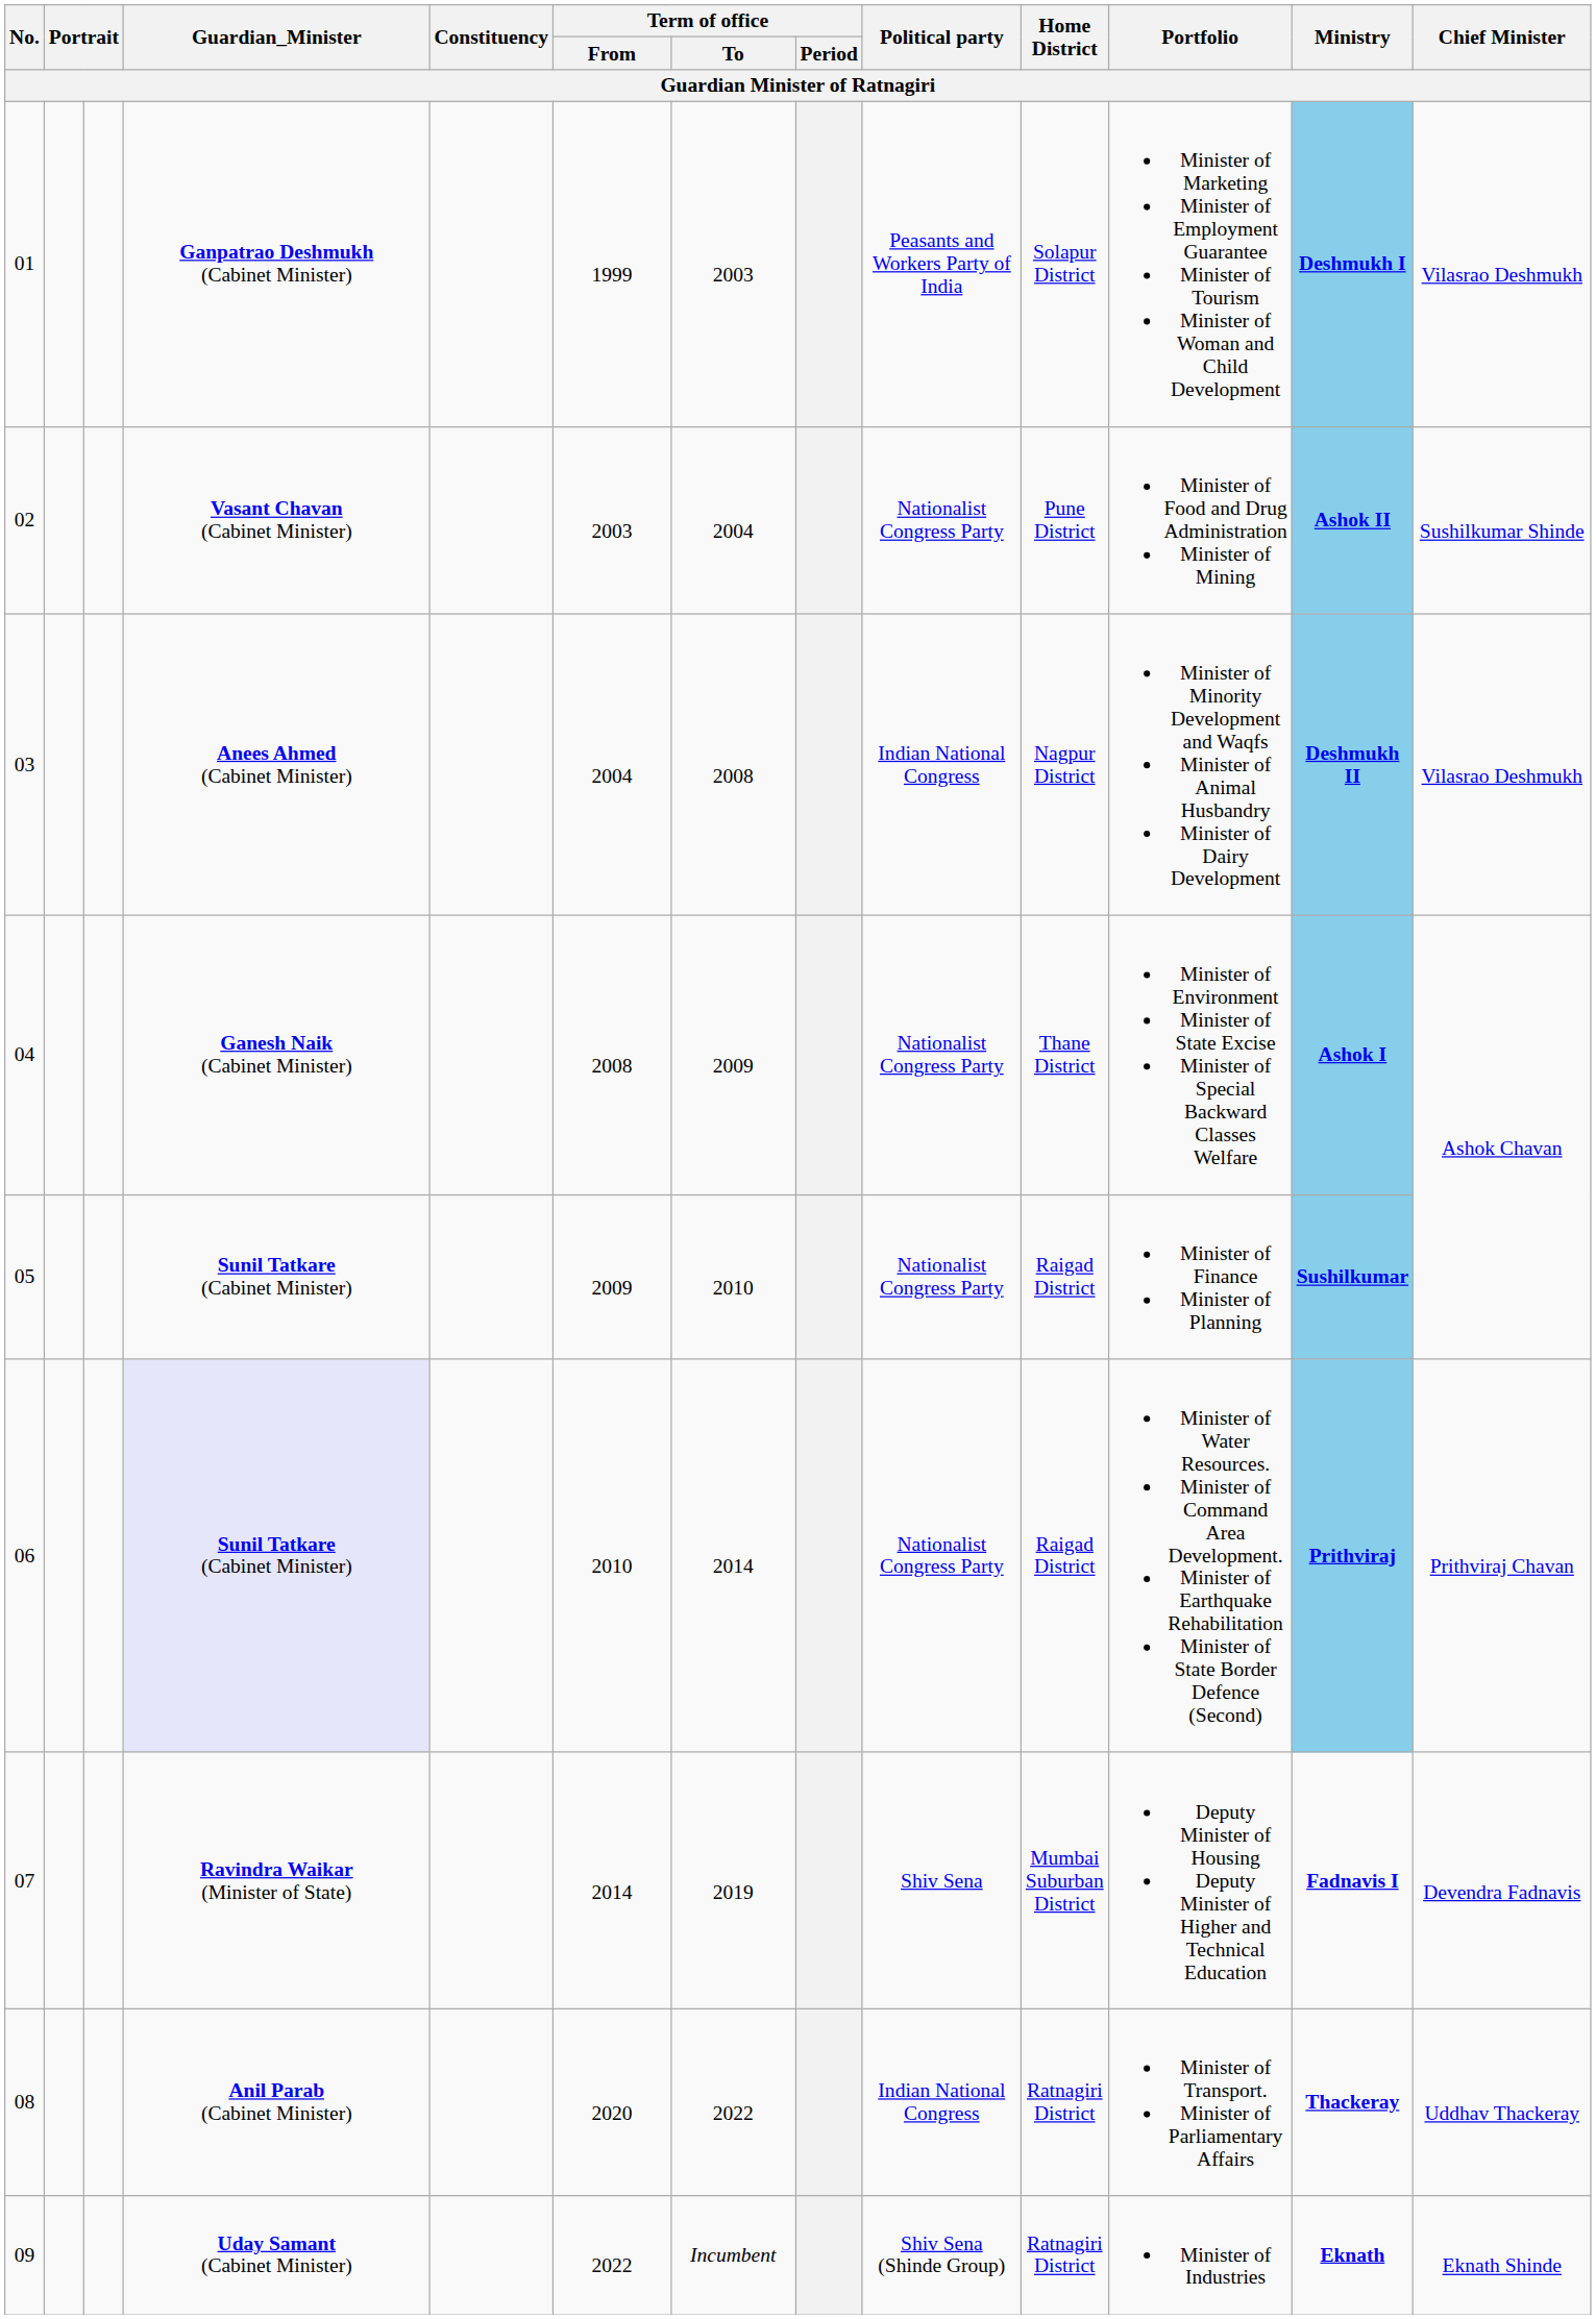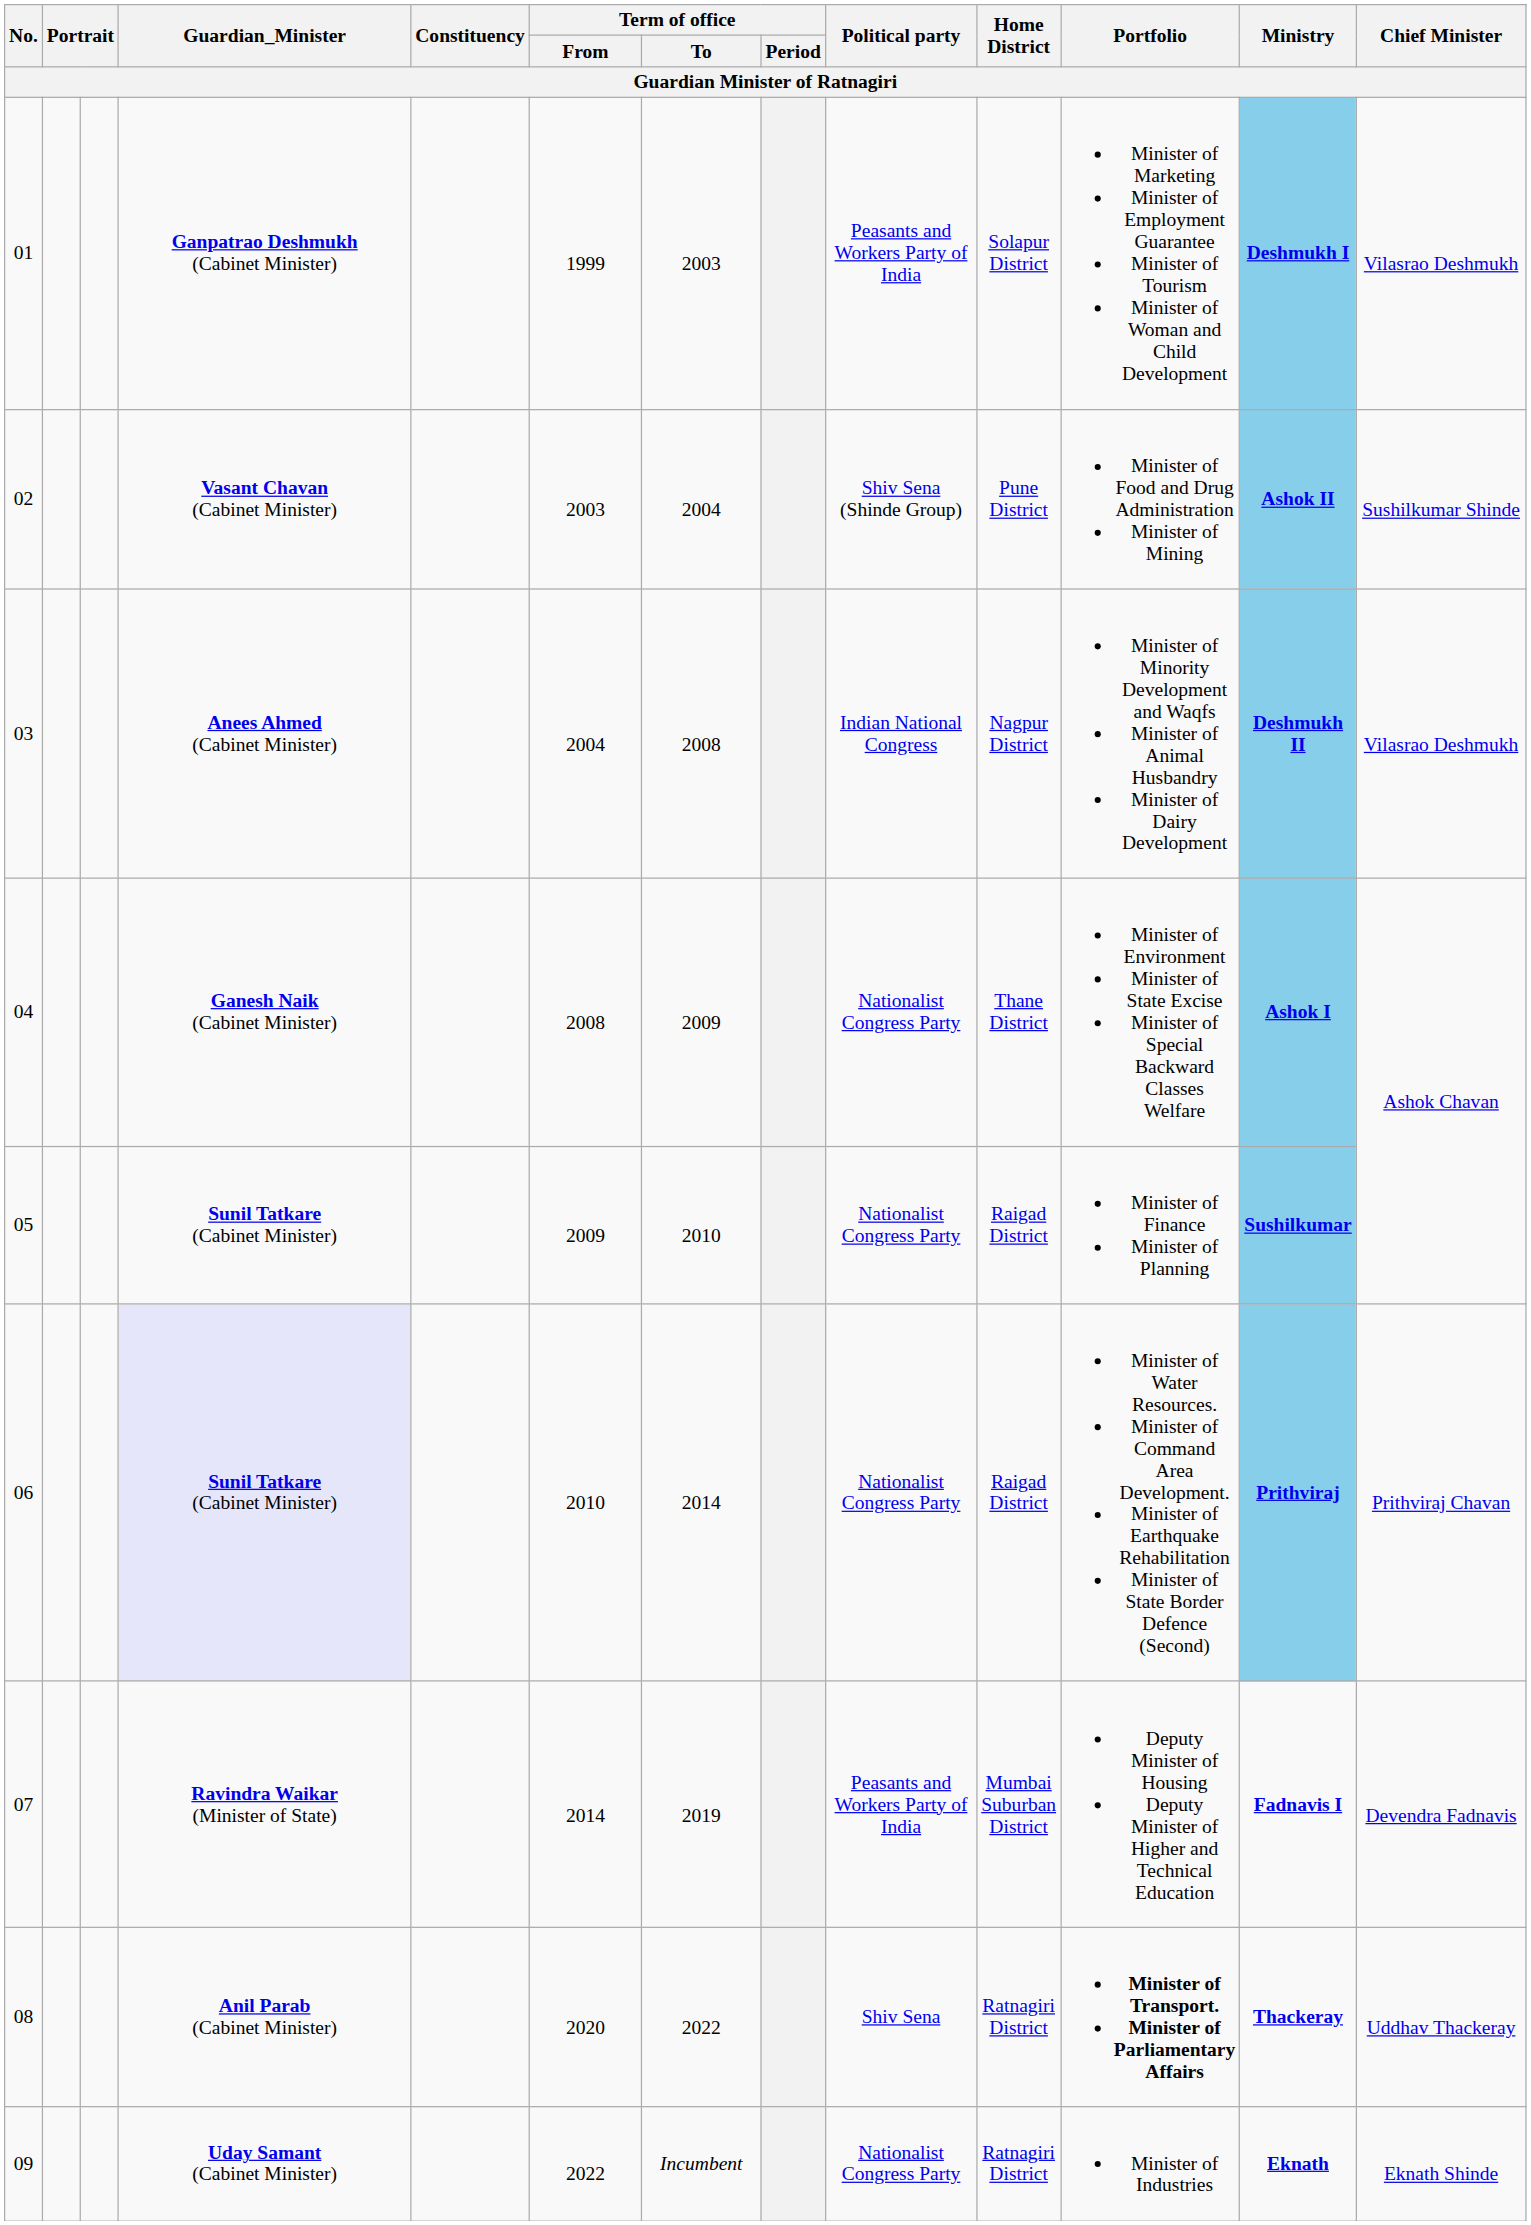 <table class="wikitable" style="text-align:center">
 <tr>
 <th rowspan="2">No.</th>
 <th rowspan="2" colspan="2">Portrait</th>
 <th rowspan="2" style="width:16em">Guardian_Minister</th>
 <th rowspan="2">Constituency</th>
 <th colspan="3">Term of office</th>
 <th rowspan="2" style="width:8em">Political party</th>
 <th rowspan="2">Home District</th>
 <th rowspan="2">Portfolio</th>
 <th rowspan="2">Ministry</th>
 <th rowspan="2" style="width:9em">Chief Minister</th>
 </tr>
 <tr>
 <th style="width:6em">From</th>
 <th style="width:6em">To</th>
 <th>Period</th>
 </tr>
 <tr>
 <th colspan="13">Guardian Minister of Ratnagiri</th>
 </tr>
 <tr>
 <td>01</td>
 <td></td>
 <td></td>
 <td><strong><a href='#'>Ganpatrao Deshmukh</a></strong> <br> (Cabinet Minister)</td>
 <td></td>
 <td><br>1999</td>
 <td><br>2003</td>
 <th></th>
 <td><a href='#'>Peasants and Workers Party of India</a></td>
 <td><a href='#'>Solapur District</a></td>
 <td><br><ul><li>Minister of Marketing</li><li>Minister of Employment Guarantee</li><li>Minister of Tourism</li><li>Minister of Woman and Child Development</li></ul></td>
 <td rowspan="1" bgcolor="#87CEEB"><a href='#'><strong>Deshmukh I</strong></a></td>
 <td rowspan="1"> <br><a href='#'>Vilasrao Deshmukh</a></td>
 </tr>
 <tr>
 <td>02</td>
 <td></td>
 <td></td>
 <td><strong><a href='#'>Vasant Chavan</a></strong> <br> (Cabinet Minister)</td>
 <td></td>
 <td><br>2003</td>
 <td><br>2004</td>
 <th></th>
-<td><a href='#'>Nationalist Congress Party</a></td>
+<td><a href='#'>Shiv Sena</a> (Shinde Group)</td>
 <td><a href='#'>Pune District</a></td>
 <td><br><ul><li>Minister of Food and Drug Administration</li><li>Minister of Mining</li></ul></td>
 <td rowspan="1"bgcolor="#87CEEB"><a href='#'><strong>Ashok II</strong></a></td>
 <td rowspan="1"> <br><a href='#'>Sushilkumar Shinde</a></td>
 </tr>
 <tr>
 <td>03</td>
 <td></td>
 <td></td>
 <td><strong><a href='#'>Anees Ahmed</a></strong> <br> (Cabinet Minister)</td>
 <td></td>
 <td><br>2004</td>
 <td><br>2008</td>
 <th></th>
 <td><a href='#'>Indian National Congress</a></td>
 <td><a href='#'>Nagpur District</a></td>
 <td><br><ul><li>Minister of Minority Development and Waqfs</li><li>Minister of Animal Husbandry</li><li>Minister of Dairy Development</li></ul></td>
 <td rowspan="1" bgcolor="#87CEEB"><a href='#'><strong>Deshmukh II</strong></a></td>
 <td rowspan="1"> <br><a href='#'>Vilasrao Deshmukh</a></td>
 </tr>
 <tr>
 <td>04</td>
 <td></td>
 <td></td>
 <td><strong><a href='#'>Ganesh Naik</a></strong> <br> (Cabinet Minister)</td>
 <td></td>
 <td><br>2008</td>
 <td><br>2009</td>
 <th></th>
 <td><a href='#'>Nationalist Congress Party</a></td>
 <td><a href='#'>Thane District</a></td>
 <td><br><ul><li>Minister of Environment</li><li>Minister of State Excise</li><li>Minister of Special Backward Classes Welfare</li></ul></td>
 <td rowspan="1" bgcolor="#87CEEB"><a href='#'><strong>Ashok I</strong></a></td>
 <td rowspan="2"><br><a href='#'>Ashok Chavan</a></td>
 </tr>
 <tr>
 <td>05</td>
 <td></td>
 <td></td>
 <td><strong><a href='#'>Sunil Tatkare</a></strong>  <br> (Cabinet Minister)</td>
 <td></td>
 <td><br>2009</td>
 <td><br>2010</td>
 <th></th>
 <td><a href='#'>Nationalist Congress Party</a></td>
 <td><a href='#'>Raigad District</a></td>
 <td><br><ul><li>Minister of Finance</li><li>Minister of Planning</li></ul></td>
 <td rowspan="1" bgcolor="#87CEEB"><a href='#'><strong>Sushilkumar</strong></a></td>
 </tr>
 <tr>
 <td>06</td>
 <td></td>
 <td></td>
 <td style="background: lavender;"><strong><a href='#'>Sunil Tatkare</a></strong> <br> (Cabinet Minister)</td>
 <td></td>
 <td><br>2010</td>
 <td><br>2014</td>
 <th></th>
 <td><a href='#'>Nationalist Congress Party</a></td>
 <td><a href='#'>Raigad District</a></td>
 <td><br><ul><li>Minister of Water Resources.</li><li>Minister of Command Area Development.</li><li>Minister of Earthquake Rehabilitation</li><li>Minister of State Border Defence (Second)</li></ul></td>
 <td rowspan="1" bgcolor="#87CEEB"><a href='#'><strong>Prithviraj</strong></a></td>
 <td rowspan="1"><br><a href='#'>Prithviraj Chavan</a></td>
 </tr>
 <tr>
 <td>07</td>
 <td></td>
 <td></td>
 <td><strong><a href='#'>Ravindra Waikar</a></strong> <br> (Minister of State)</td>
 <td></td>
 <td><br>2014</td>
 <td><br>2019</td>
 <th></th>
-<td rowspan="1"><a href='#'>Shiv Sena</a></td>
+<td><a href='#'>Peasants and Workers Party of India</a></td>
 <td><a href='#'>Mumbai Suburban District</a></td>
 <td><br><ul><li>Deputy Minister of Housing</li><li>Deputy Minister of Higher and Technical Education</li></ul></td>
 <td rowspan="1"><a href='#'><strong>Fadnavis I</strong></a></td>
 <td rowspan="1"> <br><a href='#'>Devendra Fadnavis</a></td>
 </tr>
 <tr>
 <td>08</td>
 <td></td>
 <td></td>
 <td><strong><a href='#'>Anil Parab</a></strong> <br> (Cabinet Minister)</td>
 <td></td>
 <td><br>2020</td>
 <td><br>2022</td>
 <th></th>
-<td><a href='#'>Indian National Congress</a></td>
+<td><a href='#'>Shiv Sena</a></td>
 <td><a href='#'>Ratnagiri District</a></td>
-<td><br><ul><li>Minister of Transport.</li><li>Minister of Parliamentary Affairs</li></ul></td>
+<td><strong><br><ul><li>Minister of Transport.</li><li>Minister of Parliamentary Affairs</li></ul></strong></td>
 <td rowspan="1"><a href='#'><strong>Thackeray</strong></a></td>
 <td rowspan="1"> <br><a href='#'>Uddhav Thackeray</a></td>
 </tr>
 <tr>
 <td>09</td>
 <td></td>
 <td></td>
 <td><strong><a href='#'>Uday Samant</a></strong> <br> (Cabinet Minister)</td>
 <td></td>
 <td><br>2022</td>
 <td><em>Incumbent</em></td>
 <th></th>
-<td><a href='#'>Shiv Sena</a> (Shinde Group)</td>
+<td><a href='#'>Nationalist Congress Party</a></td>
 <td><a href='#'>Ratnagiri District</a></td>
 <td><br><ul><li>Minister of Industries</li></ul></td>
 <td rowspan="1"><a href='#'><strong>Eknath</strong></a></td>
 <td rowspan="1"> <br><a href='#'>Eknath Shinde</a></td>
 </tr>
 <tr>
 </tr>
 </table>
